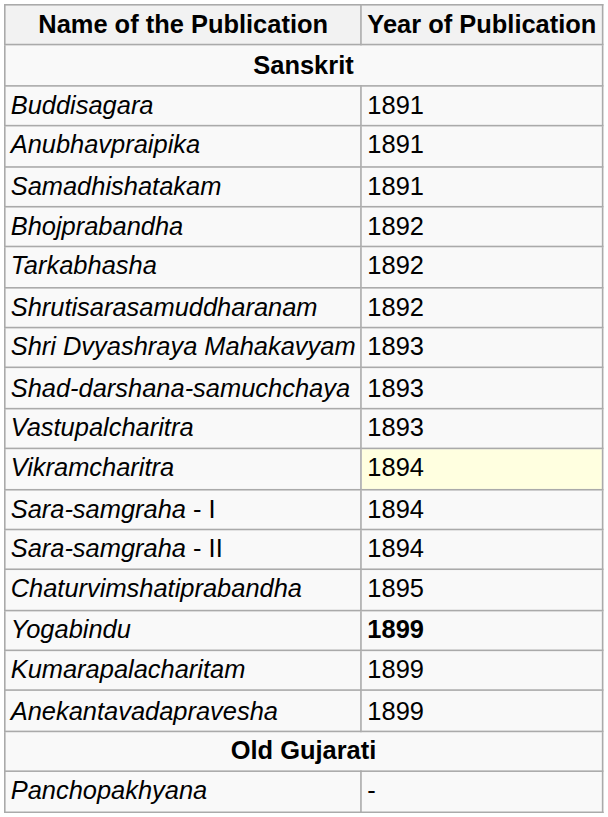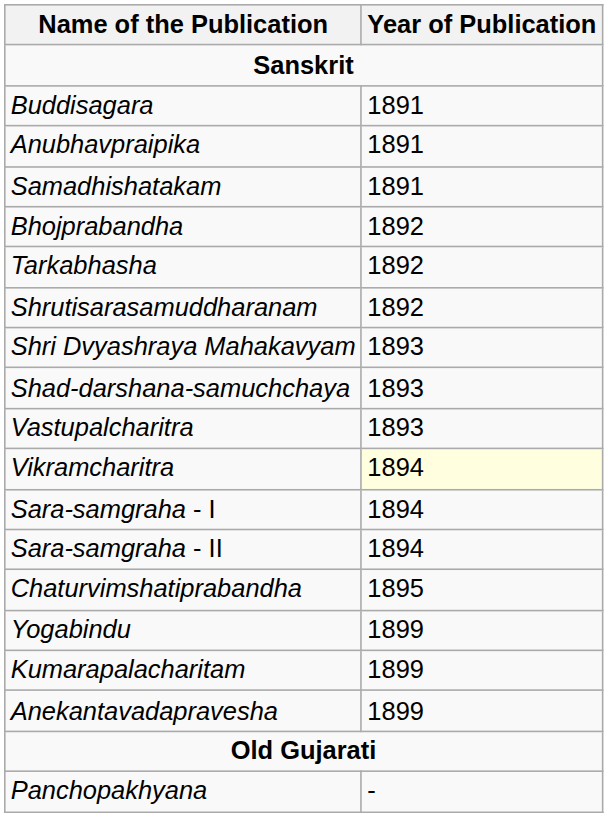 <table class="wikitable">
 <tr>
 <th>Name of the Publication</th>
 <th>Year of Publication</th>
 </tr>
 <tr>
 <td colspan="3" style="text-align:center;"><strong>Sanskrit</strong></td>
 </tr>
 <tr>
 <td><em>Buddisagara</em></td>
 <td>1891</td>
 </tr>
 <tr>
 <td><em>Anubhavpraipika</em></td>
 <td>1891</td>
 </tr>
 <tr>
 <td><em>Samadhishatakam</em></td>
 <td>1891</td>
 </tr>
 <tr>
 <td><em>Bhojprabandha</em></td>
 <td>1892</td>
 </tr>
 <tr>
 <td><em>Tarkabhasha</em></td>
 <td>1892</td>
 </tr>
 <tr>
 <td><em>Shrutisarasamuddharanam</em></td>
 <td>1892</td>
 </tr>
 <tr>
 <td><em>Shri Dvyashraya Mahakavyam</em></td>
 <td>1893</td>
 </tr>
 <tr>
 <td><em>Shad-darshana-samuchchaya</em></td>
 <td>1893</td>
 </tr>
 <tr>
 <td><em>Vastupalcharitra</em></td>
 <td>1893</td>
 </tr>
 <tr>
 <td><em>Vikramcharitra</em></td>
 <td style="background: lightyellow;">1894</td>
 </tr>
 <tr>
 <td><em>Sara-samgraha</em> - I</td>
 <td>1894</td>
 </tr>
 <tr>
 <td><em>Sara-samgraha</em> - II</td>
 <td>1894</td>
 </tr>
 <tr>
 <td><em>Chaturvimshatiprabandha</em></td>
 <td>1895</td>
 </tr>
 <tr>
 <td><em>Yogabindu</em></td>
-<td><strong>1899</strong></td>
+<td>1899</td>
 </tr>
 <tr>
 <td><em>Kumarapalacharitam</em></td>
 <td>1899</td>
 </tr>
 <tr>
 <td><em>Anekantavadapravesha</em></td>
 <td>1899</td>
 </tr>
 <tr>
 <td colspan="3" style="text-align:center;"><strong>Old Gujarati</strong></td>
 </tr>
 <tr>
 <td><em>Panchopakhyana</em></td>
 <td>-</td>
 </tr>
 <tr>
 </tr>
 </table>
